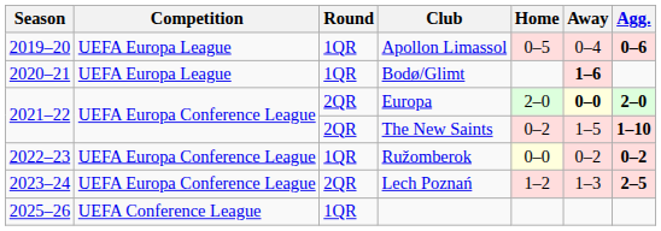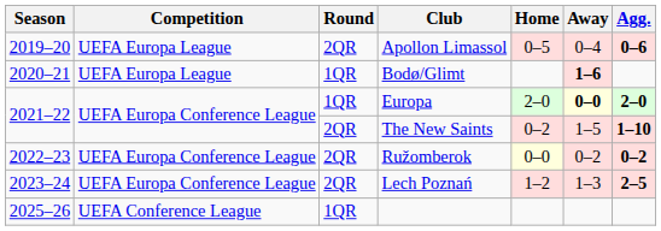 <table class="wikitable">
 <tr>
 <th>Season</th>
 <th>Competition</th>
 <th>Round</th>
 <th>Club</th>
 <th>Home</th>
 <th>Away</th>
 <th><a href='#'>Agg.</a></th>
 </tr>
 <tr>
 <td><a href='#'>2019–20</a></td>
 <td><a href='#'>UEFA Europa League</a></td>
-<td><a href='#'>1QR</a></td>
+<td><a href='#'>2QR</a></td>
 <td> <a href='#'>Apollon Limassol</a></td>
 <td bgcolor="#ffdddd" style="text-align:center;">0–5</td>
 <td bgcolor="#ffdddd" style="text-align:center;">0–4</td>
 <td bgcolor="#ffdddd" style="text-align:center;"><strong>0–6</strong></td>
 </tr>
 <tr>
 <td><a href='#'>2020–21</a></td>
 <td><a href='#'>UEFA Europa League</a></td>
 <td><a href='#'>1QR</a></td>
 <td> <a href='#'>Bodø/Glimt</a></td>
 <td></td>
 <td bgcolor="#ffdddd" style="text-align:center;"><strong>1–6</strong></td>
 <td></td>
 </tr>
 <tr>
 <td rowspan=2><a href='#'>2021–22</a></td>
 <td rowspan=2><a href='#'>UEFA Europa Conference League</a></td>
-<td><a href='#'>2QR</a></td>
+<td><a href='#'>1QR</a></td>
 <td> <a href='#'>Europa</a></td>
 <td bgcolor="#ddffdd" style="text-align:center;">2–0</td>
 <td bgcolor="#ffffdd" style="text-align:center;"><strong>0–0</strong></td>
 <td bgcolor="#ddffdd" style="text-align:center;"><strong>2–0</strong></td>
 </tr>
 <tr>
 <td><a href='#'>2QR</a></td>
 <td> <a href='#'>The New Saints</a></td>
 <td bgcolor="#ffdddd" style="text-align:center;">0–2</td>
 <td bgcolor="#ffdddd" style="text-align:center;">1–5</td>
 <td bgcolor="#ffdddd" style="text-align:center;"><strong>1–10</strong></td>
 </tr>
 <tr>
 <td><a href='#'>2022–23</a></td>
 <td><a href='#'>UEFA Europa Conference League</a></td>
-<td><a href='#'>1QR</a></td>
+<td><a href='#'>2QR</a></td>
 <td> <a href='#'>Ružomberok</a></td>
 <td bgcolor="#ffffdd" style="text-align:center;">0–0</td>
 <td bgcolor="#ffdddd" style="text-align:center;">0–2</td>
 <td bgcolor="#ffdddd" style="text-align:center;"><strong>0–2</strong></td>
 </tr>
 <tr>
 <td><a href='#'>2023–24</a></td>
 <td><a href='#'>UEFA Europa Conference League</a></td>
 <td><a href='#'>2QR</a></td>
 <td> <a href='#'>Lech Poznań</a></td>
 <td style="text-align:center; background:#fdd;">1–2</td>
 <td style="text-align:center; background:#fdd;">1–3</td>
 <td style="text-align:center; background:#fdd;"><strong>2–5</strong></td>
 </tr>
 <tr>
 <td><a href='#'>2025–26</a></td>
 <td><a href='#'>UEFA Conference League</a></td>
 <td><a href='#'>1QR</a></td>
 <td></td>
 <td style="text-align:center;"></td>
 <td style="text-align:center;"></td>
 <td style="text-align:center;"></td>
 </tr>
 </table>
